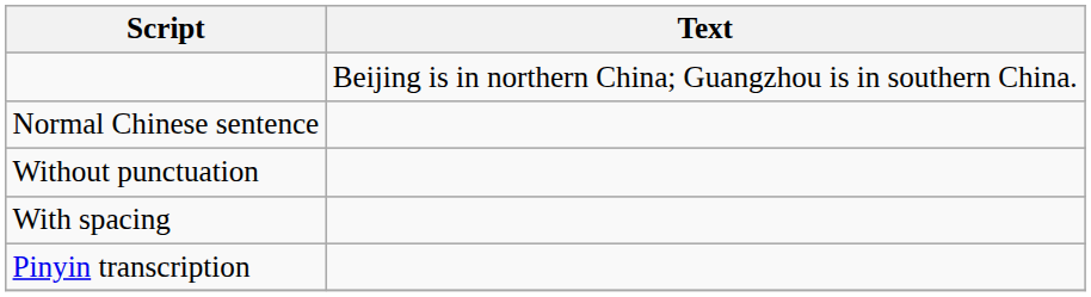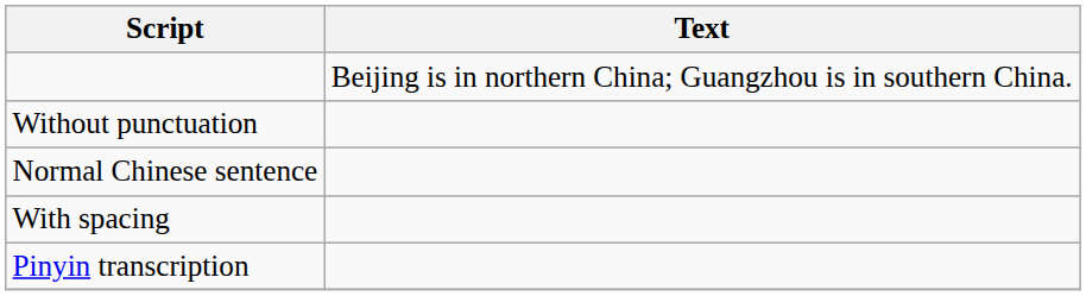 <table class="wikitable">
 <tr>
 <th>Script</th>
 <th>Text</th>
 </tr>
 <tr>
 <td> </td>
 <td>Beijing is in northern China; Guangzhou is in southern China.</td>
 </tr>
 <tr>
-<td>Normal Chinese sentence</td>
+<td>Without punctuation</td>
 <td></td>
 </tr>
 <tr>
-<td>Without punctuation</td>
+<td>Normal Chinese sentence</td>
 <td></td>
 </tr>
 <tr>
 <td>With spacing</td>
 <td></td>
 </tr>
 <tr>
 <td><a href='#'>Pinyin</a> transcription</td>
 <td></td>
 </tr>
 <tr>
 </tr>
 </table>
